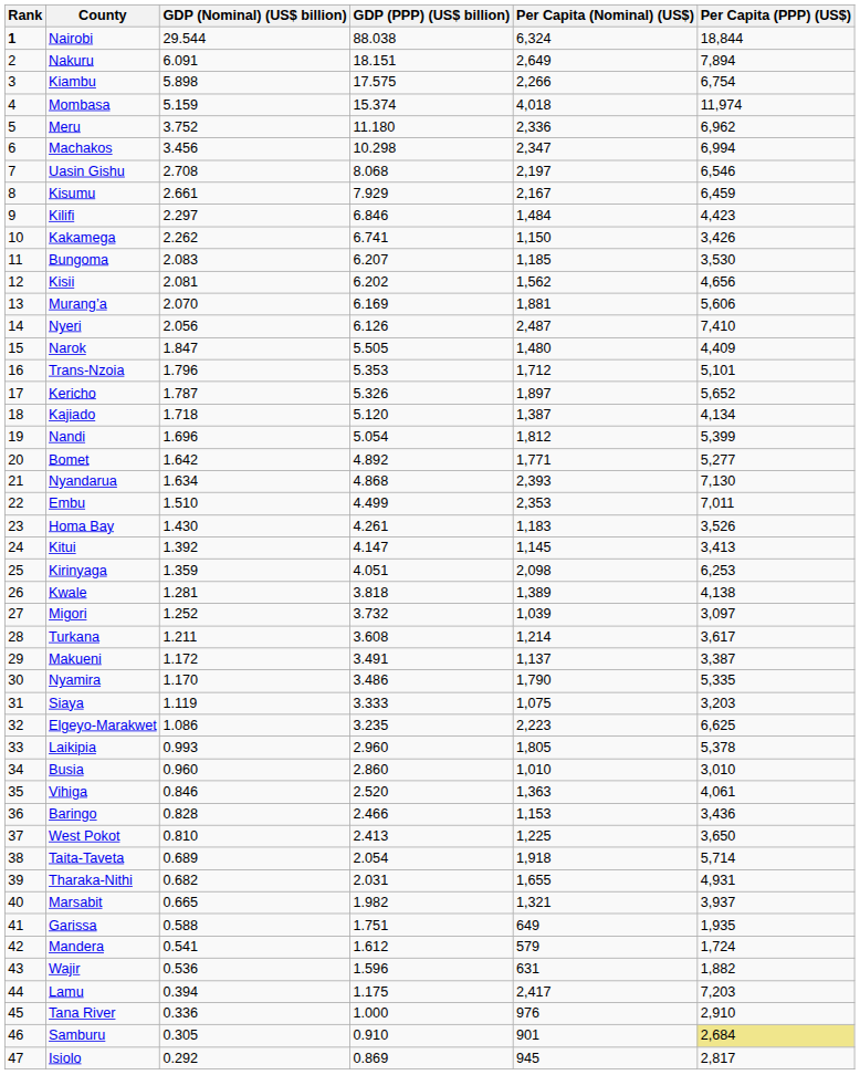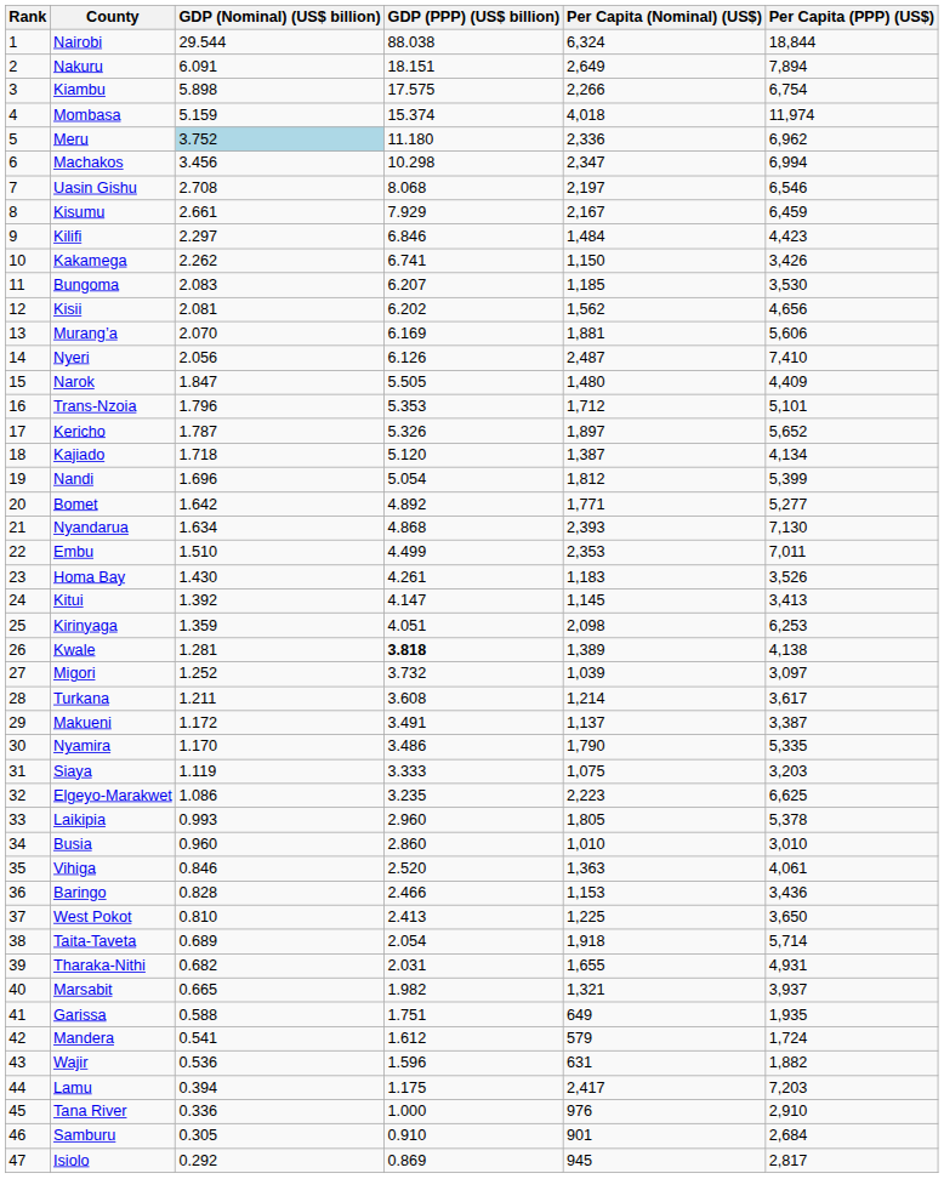 <table class="wikitable sortable">
 <tr>
 <th>Rank</th>
 <th>County</th>
 <th>GDP (Nominal) (US$ billion)</th>
 <th>GDP (PPP) (US$ billion)</th>
 <th>Per Capita (Nominal) (US$)</th>
 <th>Per Capita (PPP) (US$)</th>
 </tr>
 <tr>
-<td><strong>1</strong></td>
+<td>1</td>
 <td> <a href='#'>Nairobi</a></td>
 <td>29.544</td>
 <td>88.038</td>
 <td>6,324</td>
 <td>18,844</td>
 </tr>
 <tr>
 <td>2</td>
 <td> <a href='#'>Nakuru</a></td>
 <td>6.091</td>
 <td>18.151</td>
 <td>2,649</td>
 <td>7,894</td>
 </tr>
 <tr>
 <td>3</td>
 <td> <a href='#'>Kiambu</a></td>
 <td>5.898</td>
 <td>17.575</td>
 <td>2,266</td>
 <td>6,754</td>
 </tr>
 <tr>
 <td>4</td>
 <td> <a href='#'>Mombasa</a></td>
 <td>5.159</td>
 <td>15.374</td>
 <td>4,018</td>
 <td>11,974</td>
 </tr>
 <tr>
 <td>5</td>
 <td> <a href='#'>Meru</a></td>
-<td>3.752</td>
+<td style="background: lightblue;">3.752</td>
 <td>11.180</td>
 <td>2,336</td>
 <td>6,962</td>
 </tr>
 <tr>
 <td>6</td>
 <td> <a href='#'>Machakos</a></td>
 <td>3.456</td>
 <td>10.298</td>
 <td>2,347</td>
 <td>6,994</td>
 </tr>
 <tr>
 <td>7</td>
 <td> <a href='#'>Uasin Gishu</a></td>
 <td>2.708</td>
 <td>8.068</td>
 <td>2,197</td>
 <td>6,546</td>
 </tr>
 <tr>
 <td>8</td>
 <td> <a href='#'>Kisumu</a></td>
 <td>2.661</td>
 <td>7.929</td>
 <td>2,167</td>
 <td>6,459</td>
 </tr>
 <tr>
 <td>9</td>
 <td> <a href='#'>Kilifi</a></td>
 <td>2.297</td>
 <td>6.846</td>
 <td>1,484</td>
 <td>4,423</td>
 </tr>
 <tr>
 <td>10</td>
 <td> <a href='#'>Kakamega</a></td>
 <td>2.262</td>
 <td>6.741</td>
 <td>1,150</td>
 <td>3,426</td>
 </tr>
 <tr>
 <td>11</td>
 <td> <a href='#'>Bungoma</a></td>
 <td>2.083</td>
 <td>6.207</td>
 <td>1,185</td>
 <td>3,530</td>
 </tr>
 <tr>
 <td>12</td>
 <td> <a href='#'>Kisii</a></td>
 <td>2.081</td>
 <td>6.202</td>
 <td>1,562</td>
 <td>4,656</td>
 </tr>
 <tr>
 <td>13</td>
 <td> <a href='#'>Murang’a</a></td>
 <td>2.070</td>
 <td>6.169</td>
 <td>1,881</td>
 <td>5,606</td>
 </tr>
 <tr>
 <td>14</td>
 <td> <a href='#'>Nyeri</a></td>
 <td>2.056</td>
 <td>6.126</td>
 <td>2,487</td>
 <td>7,410</td>
 </tr>
 <tr>
 <td>15</td>
 <td> <a href='#'>Narok</a></td>
 <td>1.847</td>
 <td>5.505</td>
 <td>1,480</td>
 <td>4,409</td>
 </tr>
 <tr>
 <td>16</td>
 <td> <a href='#'>Trans-Nzoia</a></td>
 <td>1.796</td>
 <td>5.353</td>
 <td>1,712</td>
 <td>5,101</td>
 </tr>
 <tr>
 <td>17</td>
 <td> <a href='#'>Kericho</a></td>
 <td>1.787</td>
 <td>5.326</td>
 <td>1,897</td>
 <td>5,652</td>
 </tr>
 <tr>
 <td>18</td>
 <td> <a href='#'>Kajiado</a></td>
 <td>1.718</td>
 <td>5.120</td>
 <td>1,387</td>
 <td>4,134</td>
 </tr>
 <tr>
 <td>19</td>
 <td> <a href='#'>Nandi</a></td>
 <td>1.696</td>
 <td>5.054</td>
 <td>1,812</td>
 <td>5,399</td>
 </tr>
 <tr>
 <td>20</td>
 <td> <a href='#'>Bomet</a></td>
 <td>1.642</td>
 <td>4.892</td>
 <td>1,771</td>
 <td>5,277</td>
 </tr>
 <tr>
 <td>21</td>
 <td> <a href='#'>Nyandarua</a></td>
 <td>1.634</td>
 <td>4.868</td>
 <td>2,393</td>
 <td>7,130</td>
 </tr>
 <tr>
 <td>22</td>
 <td> <a href='#'>Embu</a></td>
 <td>1.510</td>
 <td>4.499</td>
 <td>2,353</td>
 <td>7,011</td>
 </tr>
 <tr>
 <td>23</td>
 <td> <a href='#'>Homa Bay</a></td>
 <td>1.430</td>
 <td>4.261</td>
 <td>1,183</td>
 <td>3,526</td>
 </tr>
 <tr>
 <td>24</td>
 <td> <a href='#'>Kitui</a></td>
 <td>1.392</td>
 <td>4.147</td>
 <td>1,145</td>
 <td>3,413</td>
 </tr>
 <tr>
 <td>25</td>
 <td> <a href='#'>Kirinyaga</a></td>
 <td>1.359</td>
 <td>4.051</td>
 <td>2,098</td>
 <td>6,253</td>
 </tr>
 <tr>
 <td>26</td>
 <td> <a href='#'>Kwale</a></td>
 <td>1.281</td>
-<td>3.818</td>
+<td><strong>3.818</strong></td>
 <td>1,389</td>
 <td>4,138</td>
 </tr>
 <tr>
 <td>27</td>
 <td> <a href='#'>Migori</a></td>
 <td>1.252</td>
 <td>3.732</td>
 <td>1,039</td>
 <td>3,097</td>
 </tr>
 <tr>
 <td>28</td>
 <td> <a href='#'>Turkana</a></td>
 <td>1.211</td>
 <td>3.608</td>
 <td>1,214</td>
 <td>3,617</td>
 </tr>
 <tr>
 <td>29</td>
 <td> <a href='#'>Makueni</a></td>
 <td>1.172</td>
 <td>3.491</td>
 <td>1,137</td>
 <td>3,387</td>
 </tr>
 <tr>
 <td>30</td>
 <td> <a href='#'>Nyamira</a></td>
 <td>1.170</td>
 <td>3.486</td>
 <td>1,790</td>
 <td>5,335</td>
 </tr>
 <tr>
 <td>31</td>
 <td> <a href='#'>Siaya</a></td>
 <td>1.119</td>
 <td>3.333</td>
 <td>1,075</td>
 <td>3,203</td>
 </tr>
 <tr>
 <td>32</td>
 <td> <a href='#'>Elgeyo-Marakwet</a></td>
 <td>1.086</td>
 <td>3.235</td>
 <td>2,223</td>
 <td>6,625</td>
 </tr>
 <tr>
 <td>33</td>
 <td> <a href='#'>Laikipia</a></td>
 <td>0.993</td>
 <td>2.960</td>
 <td>1,805</td>
 <td>5,378</td>
 </tr>
 <tr>
 <td>34</td>
 <td> <a href='#'>Busia</a></td>
 <td>0.960</td>
 <td>2.860</td>
 <td>1,010</td>
 <td>3,010</td>
 </tr>
 <tr>
 <td>35</td>
 <td> <a href='#'>Vihiga</a></td>
 <td>0.846</td>
 <td>2.520</td>
 <td>1,363</td>
 <td>4,061</td>
 </tr>
 <tr>
 <td>36</td>
 <td> <a href='#'>Baringo</a></td>
 <td>0.828</td>
 <td>2.466</td>
 <td>1,153</td>
 <td>3,436</td>
 </tr>
 <tr>
 <td>37</td>
 <td> <a href='#'>West Pokot</a></td>
 <td>0.810</td>
 <td>2.413</td>
 <td>1,225</td>
 <td>3,650</td>
 </tr>
 <tr>
 <td>38</td>
 <td> <a href='#'>Taita-Taveta</a></td>
 <td>0.689</td>
 <td>2.054</td>
 <td>1,918</td>
 <td>5,714</td>
 </tr>
 <tr>
 <td>39</td>
 <td> <a href='#'>Tharaka-Nithi</a></td>
 <td>0.682</td>
 <td>2.031</td>
 <td>1,655</td>
 <td>4,931</td>
 </tr>
 <tr>
 <td>40</td>
 <td> <a href='#'>Marsabit</a></td>
 <td>0.665</td>
 <td>1.982</td>
 <td>1,321</td>
 <td>3,937</td>
 </tr>
 <tr>
 <td>41</td>
 <td> <a href='#'>Garissa</a></td>
 <td>0.588</td>
 <td>1.751</td>
 <td>649</td>
 <td>1,935</td>
 </tr>
 <tr>
 <td>42</td>
 <td> <a href='#'>Mandera</a></td>
 <td>0.541</td>
 <td>1.612</td>
 <td>579</td>
 <td>1,724</td>
 </tr>
 <tr>
 <td>43</td>
 <td> <a href='#'>Wajir</a></td>
 <td>0.536</td>
 <td>1.596</td>
 <td>631</td>
 <td>1,882</td>
 </tr>
 <tr>
 <td>44</td>
 <td> <a href='#'>Lamu</a></td>
 <td>0.394</td>
 <td>1.175</td>
 <td>2,417</td>
 <td>7,203</td>
 </tr>
 <tr>
 <td>45</td>
 <td> <a href='#'>Tana River</a></td>
 <td>0.336</td>
 <td>1.000</td>
 <td>976</td>
 <td>2,910</td>
 </tr>
 <tr>
 <td>46</td>
 <td> <a href='#'>Samburu</a></td>
 <td>0.305</td>
 <td>0.910</td>
 <td>901</td>
-<td style="background: khaki;">2,684</td>
+<td>2,684</td>
 </tr>
 <tr>
 <td>47</td>
 <td> <a href='#'>Isiolo</a></td>
 <td>0.292</td>
 <td>0.869</td>
 <td>945</td>
 <td>2,817</td>
 </tr>
 </table>
